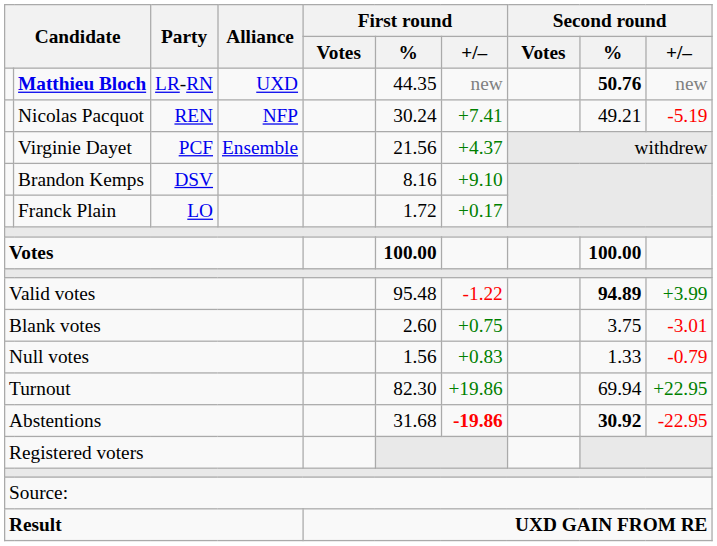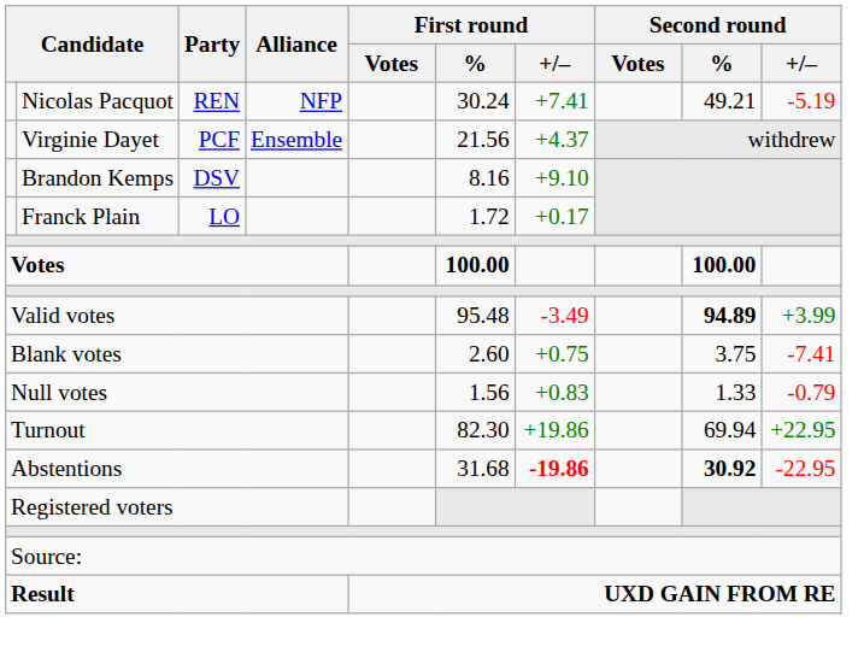 <table class="wikitable" style="text-align:right;font-size:95%;">
 <tr>
 <th rowspan="2" colspan="2">Candidate</th>
 <th colspan="1" rowspan="2">Party</th>
 <th colspan="1" rowspan="2">Alliance</th>
 <th colspan="3">First round</th>
 <th colspan="3">Second round</th>
 </tr>
 <tr>
 <th style="width:50px;">Votes</th>
 <th style="width:45px;">%</th>
 <th style="width:45px;">+/–</th>
 <th style="width:50px;">Votes</th>
 <th style="width:45px;">%</th>
 <th style="width:45px;">+/–</th>
-</tr>
-<tr>
-<td style="color:inherit;background:"></td>
-<td style="text-align:left;"><strong><a href='#'>Matthieu Bloch</a></strong></td>
-<td><a href='#'>LR</a>-<a href='#'>RN</a></td>
-<td><a href='#'>UXD</a></td>
-<td></td>
-<td>44.35</td>
-<td style="color:grey;">new</td>
-<td><strong></strong></td>
-<td><strong>50.76</strong></td>
-<td style="color:grey;">new</td>
 </tr>
 <tr>
 <td style="color:inherit;background:"></td>
 <td style="text-align:left;">Nicolas Pacquot</td>
 <td><a href='#'>REN</a></td>
 <td><a href='#'>NFP</a></td>
 <td></td>
 <td>30.24</td>
 <td style="color:green;">+7.41</td>
 <td></td>
 <td>49.21</td>
 <td style="color:red;">-5.19</td>
 </tr>
 <tr>
 <td style="color:inherit;background:"></td>
 <td style="text-align:left;">Virginie Dayet</td>
 <td><a href='#'>PCF</a></td>
 <td><a href='#'>Ensemble</a></td>
 <td></td>
 <td>21.56</td>
 <td style="color:green;">+4.37</td>
 <td colspan="3" style="background:#E9E9E9;">withdrew</td>
 </tr>
 <tr>
 <td style="color:inherit;background:"></td>
 <td style="text-align:left;">Brandon Kemps</td>
 <td><a href='#'>DSV</a></td>
 <td></td>
 <td></td>
 <td>8.16</td>
 <td style="color:green;">+9.10</td>
 <td colspan="3" rowspan="2" style="background:#E9E9E9;"></td>
 </tr>
 <tr>
 <td style="color:inherit;background:"></td>
 <td style="text-align:left;">Franck Plain</td>
 <td><a href='#'>LO</a></td>
 <td></td>
 <td></td>
 <td>1.72</td>
 <td style="color:green;">+0.17</td>
 </tr>
 <tr>
 <td colspan="10" style="background:#E9E9E9;"></td>
 </tr>
 <tr style="font-weight:bold;">
 <td colspan="4" style="text-align:left;">Votes</td>
 <td></td>
 <td>100.00</td>
 <td></td>
 <td></td>
 <td>100.00</td>
 <td></td>
 </tr>
 <tr>
 <td colspan="10" style="background:#E9E9E9;"></td>
 </tr>
 <tr>
 <td colspan="4" style="text-align:left;">Valid votes</td>
 <td></td>
 <td>95.48</td>
-<td style="color:red;">-1.22</td>
+<td style="color:red;">-3.49</td>
 <td></td>
 <td><strong>94.89</strong></td>
 <td style="color:green;">+3.99</td>
 </tr>
 <tr>
 <td colspan="4" style="text-align:left;">Blank votes</td>
 <td></td>
 <td>2.60</td>
 <td style="color:green;">+0.75</td>
 <td></td>
 <td>3.75</td>
-<td style="color:red;">-3.01</td>
+<td style="color:red;">-7.41</td>
 </tr>
 <tr>
 <td colspan="4" style="text-align:left;">Null votes</td>
 <td></td>
 <td>1.56</td>
 <td style="color:green;">+0.83</td>
 <td></td>
 <td>1.33</td>
 <td style="color:red;">-0.79</td>
 </tr>
 <tr>
 <td colspan="4" style="text-align:left;">Turnout</td>
 <td></td>
 <td>82.30</td>
 <td style="color:green;">+19.86</td>
 <td></td>
 <td>69.94</td>
 <td style="color:green;">+22.95</td>
 </tr>
 <tr>
 <td colspan="4" style="text-align:left;">Abstentions</td>
 <td></td>
 <td>31.68</td>
 <td style="color:red;"><strong>-19.86</strong></td>
 <td></td>
 <td><strong>30.92</strong></td>
 <td style="color:red;">-22.95</td>
 </tr>
 <tr>
 <td colspan="4" style="text-align:left;">Registered voters</td>
 <td></td>
 <td colspan="2" style="background:#E9E9E9;"></td>
 <td></td>
 <td colspan="2" style="background:#E9E9E9;"></td>
 </tr>
 <tr>
 <td colspan="10" style="background:#E9E9E9;"></td>
 </tr>
 <tr>
 <td colspan="10" style="text-align:left;">Source: </td>
 </tr>
 <tr style="font-weight:bold">
 <td colspan="4" style="text-align:left;">Result</td>
 <td colspan="6" style="background-color:">UXD GAIN FROM RE</td>
 </tr>
 </table>
